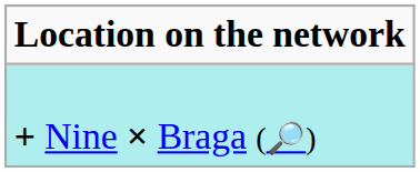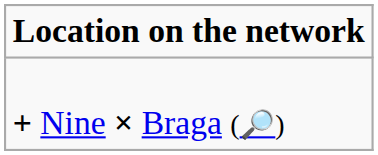 <table role="presentation" class="wikitable mw-collapsible mw-collapsed floatright">
 <tr>
 <td><strong>Location on the network</strong></td>
 </tr>
 <tr>
-<td style="background: paleturquoise;"><br><span><strong>+</strong> <a href='#'>Nine</a></span> <span><strong>×</strong> <a href='#'>Braga</a></span> <small>(<a href='#'>🔎</a>)</small></td>
+<td><br><span><strong>+</strong> <a href='#'>Nine</a></span> <span><strong>×</strong> <a href='#'>Braga</a></span> <small>(<a href='#'>🔎</a>)</small></td>
 </tr>
 </table>
